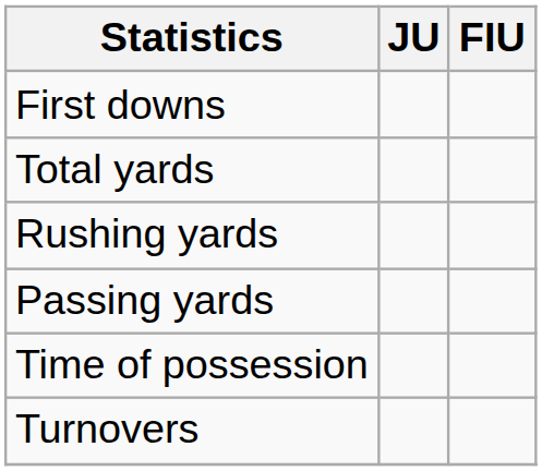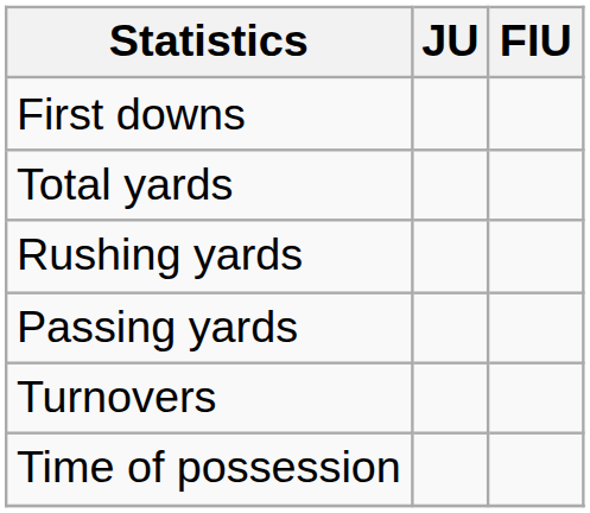 <table class="wikitable" style="float: left;">
 <tr>
 <th>Statistics</th>
 <th>JU</th>
 <th>FIU</th>
 </tr>
 <tr>
 <td>First downs</td>
 <td></td>
 <td></td>
 </tr>
 <tr>
 <td>Total yards</td>
 <td></td>
 <td></td>
 </tr>
 <tr>
 <td>Rushing yards</td>
 <td></td>
 <td></td>
 </tr>
 <tr>
 <td>Passing yards</td>
 <td></td>
 <td></td>
 </tr>
 <tr>
-<td>Time of possession</td>
+<td>Turnovers</td>
 <td></td>
 <td></td>
 </tr>
 <tr>
-<td>Turnovers</td>
+<td>Time of possession</td>
 <td></td>
 <td></td>
 </tr>
 <tr>
 </tr>
 </table>
